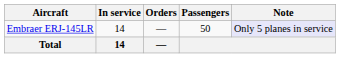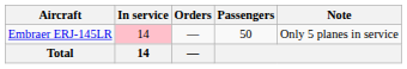 <table class="wikitable" style="margin:0.5em auto; text-align:center">
 <tr>
 <th>Aircraft</th>
 <th>In service</th>
 <th>Orders</th>
 <th>Passengers</th>
 <th>Note</th>
 </tr>
 <tr>
 <td align=center><a href='#'>Embraer ERJ-145LR</a></td>
-<td align=center>14</td>
+<td align=center style="background: pink;">14</td>
 <td align=center>—</td>
 <td align=center>50</td>
-<td align=center style="background: lavender;">Only 5 planes in service</td>
+<td align=center>Only 5 planes in service</td>
 </tr>
 <tr>
 <th>Total</th>
 <th>14</th>
 <th>—</th>
 <th colspan="5"></th>
 </tr>
 </table>
